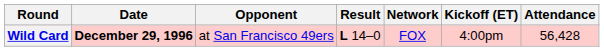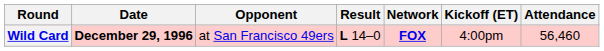 <table class="wikitable" style="text-align:center">
 <tr>
 <th>Round</th>
 <th>Date</th>
 <th>Opponent</th>
 <th>Result</th>
 <th>Network</th>
 <th>Kickoff (ET)</th>
 <th>Attendance</th>
 </tr>
 <tr style="background: #fcc">
 <th><a href='#'>Wild Card</a></th>
 <td><strong>December 29, 1996</strong></td>
 <td>at <a href='#'>San Francisco 49ers</a></td>
 <td><strong>L</strong> 14–0</td>
-<td><a href='#'>FOX</a></td>
+<td><strong><a href='#'>FOX</a></strong></td>
 <td>4:00pm</td>
-<td>56,428</td>
+<td>56,460</td>
 </tr>
 </table>
